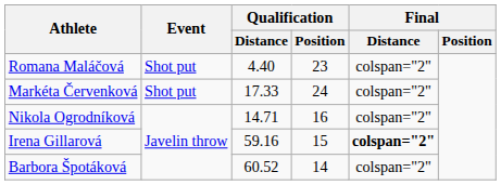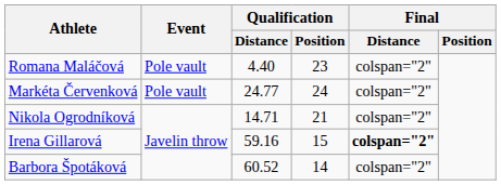 <table class=wikitable style=font-size:90%;text-align:center>
 <tr>
 <th rowspan=2>Athlete</th>
 <th rowspan=2>Event</th>
 <th colspan=2>Qualification</th>
 <th colspan=2>Final</th>
 </tr>
 <tr style=font-size:95%>
 <th>Distance</th>
 <th>Position</th>
 <th>Distance</th>
 <th>Position</th>
 </tr>
 <tr>
 <td align=left><a href='#'>Romana Maláčová</a></td>
-<td align=left><a href='#'>Shot put</a></td>
+<td align=left><a href='#'>Pole vault</a></td>
 <td>4.40</td>
 <td>23</td>
 <td>colspan="2"  </td>
 </tr>
 <tr>
 <td align=left><a href='#'>Markéta Červenková</a></td>
-<td align=left><a href='#'>Shot put</a></td>
-<td>17.33</td>
+<td align=left><a href='#'>Pole vault</a></td>
+<td>24.77</td>
 <td>24</td>
 <td>colspan="2" </td>
 </tr>
 <tr>
 <td align=left><a href='#'>Nikola Ogrodníková</a></td>
 <td rowspan="3" align="left"><a href='#'>Javelin throw</a></td>
 <td>14.71</td>
-<td>16</td>
+<td>21</td>
 <td>colspan="2" </td>
 </tr>
 <tr>
 <td align=left><a href='#'>Irena Gillarová</a></td>
 <td>59.16</td>
 <td>15</td>
 <td><strong>colspan="2" </strong></td>
 </tr>
 <tr>
 <td align=left><a href='#'>Barbora Špotáková</a></td>
 <td>60.52</td>
 <td>14</td>
 <td>colspan="2" </td>
 </tr>
 </table>
